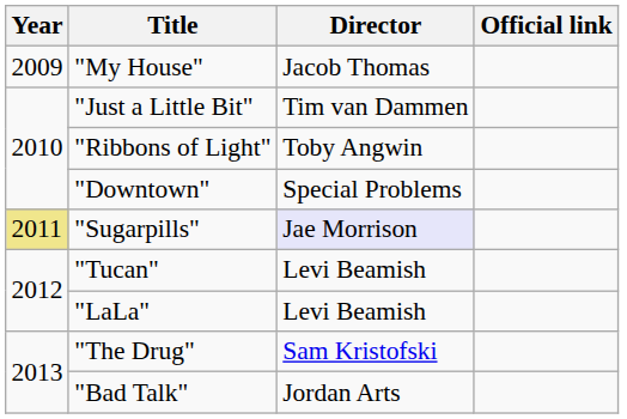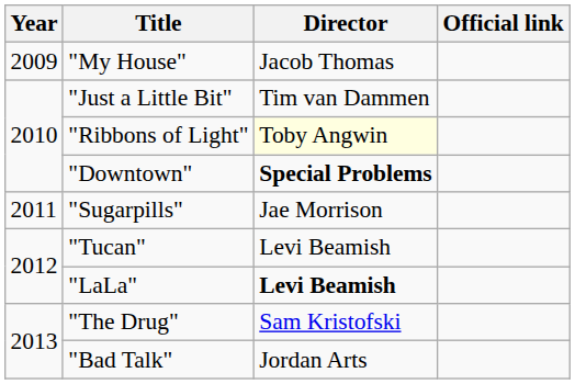 <table class="wikitable" border="1">
 <tr>
 <th>Year</th>
 <th>Title</th>
 <th>Director</th>
 <th>Official link</th>
 </tr>
 <tr>
 <td>2009</td>
 <td>"My House"</td>
 <td>Jacob Thomas</td>
 <td></td>
 </tr>
 <tr>
 <td rowspan="3">2010</td>
 <td>"Just a Little Bit"</td>
 <td>Tim van Dammen</td>
 <td></td>
 </tr>
 <tr>
 <td>"Ribbons of Light"</td>
-<td>Toby Angwin</td>
+<td style="background: lightyellow;">Toby Angwin</td>
 <td></td>
 </tr>
 <tr>
 <td>"Downtown"</td>
-<td>Special Problems</td>
+<td><strong>Special Problems</strong></td>
 <td></td>
 </tr>
 <tr>
-<td style="background: khaki;">2011</td>
+<td>2011</td>
 <td>"Sugarpills"</td>
-<td style="background: lavender;">Jae Morrison</td>
+<td>Jae Morrison</td>
 <td></td>
 </tr>
 <tr>
 <td rowspan="2">2012</td>
 <td>"Tucan"</td>
 <td>Levi Beamish</td>
 <td></td>
 </tr>
 <tr>
 <td>"LaLa"</td>
-<td>Levi Beamish</td>
+<td><strong>Levi Beamish</strong></td>
 <td></td>
 </tr>
 <tr>
 <td rowspan="2">2013</td>
 <td>"The Drug"</td>
 <td><a href='#'>Sam Kristofski</a></td>
 <td></td>
 </tr>
 <tr>
 <td>"Bad Talk"</td>
 <td>Jordan Arts</td>
 <td></td>
 </tr>
 </table>
